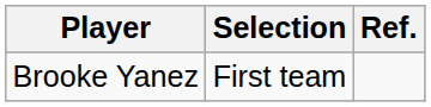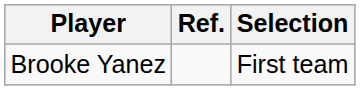 <table class="wikitable sortable sortable" style="text-align: center">
 <tr align=center>
 <th>Player</th>
+<th>Ref.</th>
 <th>Selection</th>
-<th>Ref.</th>
 </tr>
 <tr>
 <td>Brooke Yanez</td>
+<td></td>
 <td>First team</td>
-<td></td>
 </tr>
 </table>
